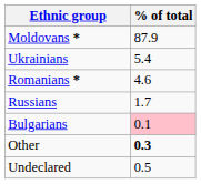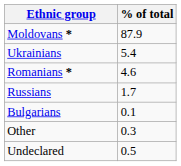 <table class="wikitable sortable">
 <tr>
 <th style="width:140px;"><a href='#'>Ethnic group</a></th>
 <th>% of total</th>
 </tr>
 <tr>
 <td><a href='#'>Moldovans</a> <strong>*</strong></td>
 <td>87.9</td>
 </tr>
 <tr>
 <td><a href='#'>Ukrainians</a></td>
 <td>5.4</td>
 </tr>
 <tr>
 <td><a href='#'>Romanians</a> <strong>*</strong></td>
 <td>4.6</td>
 </tr>
 <tr>
 <td><a href='#'>Russians</a></td>
 <td>1.7</td>
 </tr>
 <tr>
 <td><a href='#'>Bulgarians</a></td>
-<td style="background: pink;">0.1</td>
+<td>0.1</td>
 </tr>
 <tr>
 <td>Other</td>
-<td><strong>0.3</strong></td>
+<td>0.3</td>
 </tr>
 <tr>
 <td>Undeclared</td>
 <td>0.5</td>
 </tr>
 </table>
